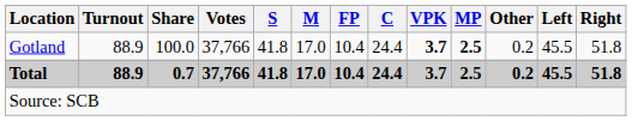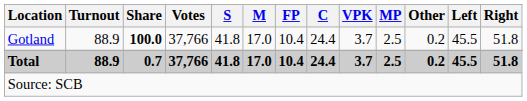 <table class="wikitable sortable" style=text-align:right>
 <tr>
 <th>Location</th>
 <th>Turnout</th>
 <th>Share</th>
 <th>Votes</th>
 <th><a href='#'>S</a></th>
 <th><a href='#'>M</a></th>
 <th><a href='#'>FP</a></th>
 <th><a href='#'>C</a></th>
 <th><a href='#'>VPK</a></th>
 <th><a href='#'>MP</a></th>
 <th>Other</th>
 <th>Left</th>
 <th>Right</th>
 </tr>
 <tr>
 <td align=left><a href='#'>Gotland</a></td>
 <td>88.9</td>
-<td>100.0</td>
+<td><strong>100.0</strong></td>
 <td>37,766</td>
 <td>41.8</td>
 <td>17.0</td>
 <td>10.4</td>
 <td>24.4</td>
-<td><strong>3.7</strong></td>
-<td><strong>2.5</strong></td>
+<td>3.7</td>
+<td>2.5</td>
 <td>0.2</td>
 <td>45.5</td>
 <td>51.8</td>
 </tr>
 <tr>
 </tr>
 <tr style="background:#CDCDCD;">
 <td align=left><strong>Total</strong></td>
 <td><strong>88.9</strong></td>
 <td><strong>0.7</strong></td>
 <td><strong>37,766</strong></td>
 <td><strong>41.8</strong></td>
 <td><strong>17.0</strong></td>
 <td><strong>10.4</strong></td>
 <td><strong>24.4</strong></td>
 <td><strong>3.7</strong></td>
 <td><strong>2.5</strong></td>
 <td><strong>0.2</strong></td>
 <td><strong>45.5</strong></td>
 <td><strong>51.8</strong></td>
 </tr>
 <tr>
 <td align=left colspan=13>Source: SCB </td>
 </tr>
 </table>
